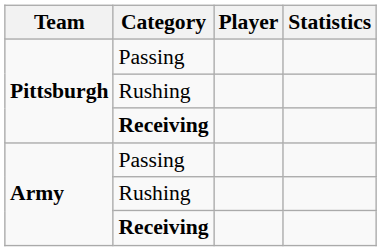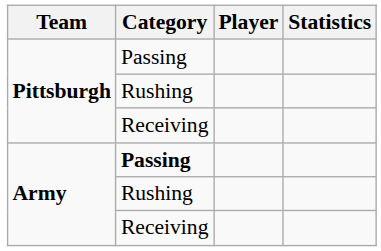 <table class="wikitable" style="float: right;">
 <tr>
 <th>Team</th>
 <th>Category</th>
 <th>Player</th>
 <th>Statistics</th>
 </tr>
 <tr>
 <td rowspan=3><strong>Pittsburgh</strong></td>
 <td>Passing</td>
 <td></td>
 <td></td>
 </tr>
 <tr>
 <td>Rushing</td>
 <td></td>
 <td></td>
 </tr>
 <tr>
-<td><strong>Receiving</strong></td>
+<td>Receiving</td>
 <td></td>
 <td></td>
 </tr>
 <tr>
 <td rowspan=3><strong>Army</strong></td>
-<td>Passing</td>
+<td><strong>Passing</strong></td>
 <td></td>
 <td></td>
 </tr>
 <tr>
 <td>Rushing</td>
 <td></td>
 <td></td>
 </tr>
 <tr>
-<td><strong>Receiving</strong></td>
+<td>Receiving</td>
 <td></td>
 <td></td>
 </tr>
 </table>
